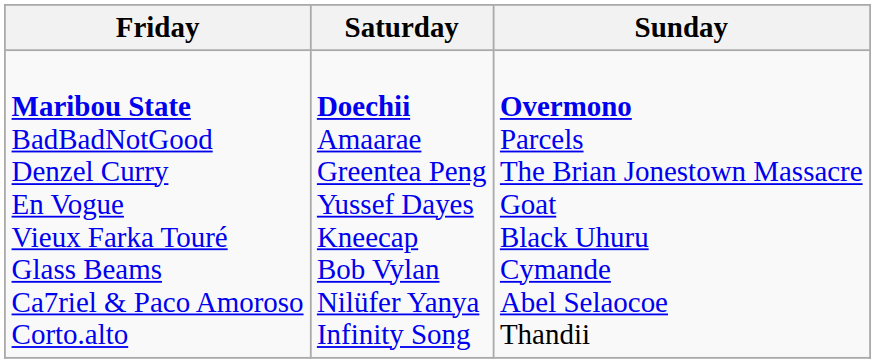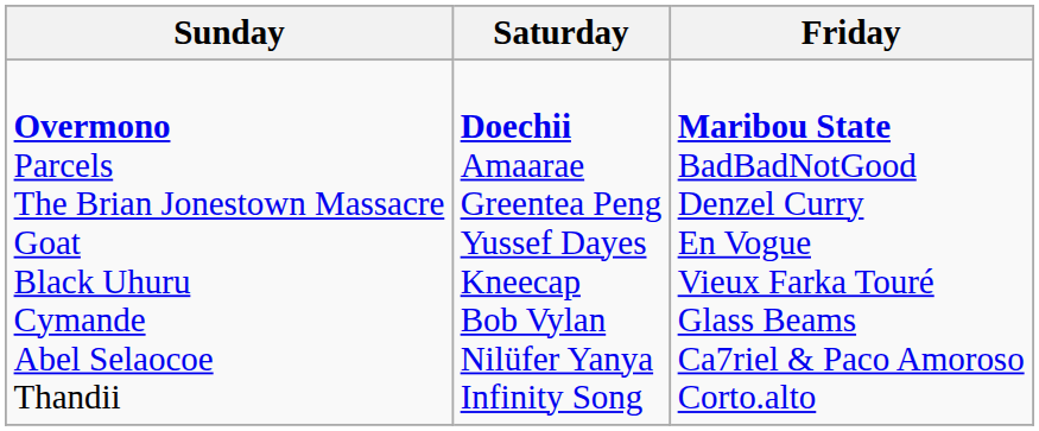 <table class="wikitable">
 <tr>
+<th>Sunday</th>
+<th>Saturday</th>
 <th>Friday</th>
-<th>Saturday</th>
-<th>Sunday</th>
 </tr>
 <tr valign="top">
+<td><br><strong><a href='#'>Overmono</a></strong><br> <a href='#'>Parcels</a> <br> <a href='#'>The Brian Jonestown Massacre</a> <br> <a href='#'>Goat</a> <br> <a href='#'>Black Uhuru</a> <br> <a href='#'>Cymande</a> <br> <a href='#'>Abel Selaocoe</a> <br> Thandii</td>
+<td><br><strong><a href='#'>Doechii</a></strong><br> <a href='#'>Amaarae</a> <br> <a href='#'>Greentea Peng</a> <br> <a href='#'>Yussef Dayes</a> <br> <a href='#'>Kneecap</a> <br> <a href='#'>Bob Vylan</a> <br> <a href='#'>Nilüfer Yanya</a> <br> <a href='#'>Infinity Song</a></td>
 <td><br><strong><a href='#'>Maribou State</a></strong><br> <a href='#'>BadBadNotGood</a> <br> <a href='#'>Denzel Curry</a> <br> <a href='#'>En Vogue</a> <br> <a href='#'>Vieux Farka Touré</a> <br> <a href='#'>Glass Beams</a> <br> <a href='#'>Ca7riel & Paco Amoroso</a> <br> <a href='#'>Corto.alto</a></td>
-<td><br><strong><a href='#'>Doechii</a></strong><br> <a href='#'>Amaarae</a> <br> <a href='#'>Greentea Peng</a> <br> <a href='#'>Yussef Dayes</a> <br> <a href='#'>Kneecap</a> <br> <a href='#'>Bob Vylan</a> <br> <a href='#'>Nilüfer Yanya</a> <br> <a href='#'>Infinity Song</a></td>
-<td><br><strong><a href='#'>Overmono</a></strong><br> <a href='#'>Parcels</a> <br> <a href='#'>The Brian Jonestown Massacre</a> <br> <a href='#'>Goat</a> <br> <a href='#'>Black Uhuru</a> <br> <a href='#'>Cymande</a> <br> <a href='#'>Abel Selaocoe</a> <br> Thandii</td>
 </tr>
 </table>
